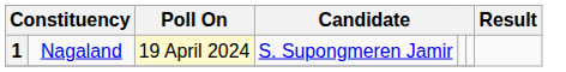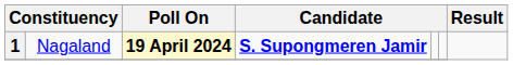 <table class="wikitable " style="text-align:center;">
 <tr>
 <th colspan="2">Constituency</th>
 <th>Poll On</th>
 <th colspan="3">Candidate</th>
 <th>Result</th>
 </tr>
 <tr>
 <th>1</th>
 <td><a href='#'>Nagaland</a></td>
-<td bgcolor=#FFFACD>19 April 2024</td>
-<td><a href='#'>S. Supongmeren Jamir</a></td>
+<td bgcolor=#FFFACD><strong>19 April 2024</strong></td>
+<td><strong><a href='#'>S. Supongmeren Jamir</a></strong></td>
 <td></td>
 <td></td>
 </tr>
 <tr>
 </tr>
 </table>
